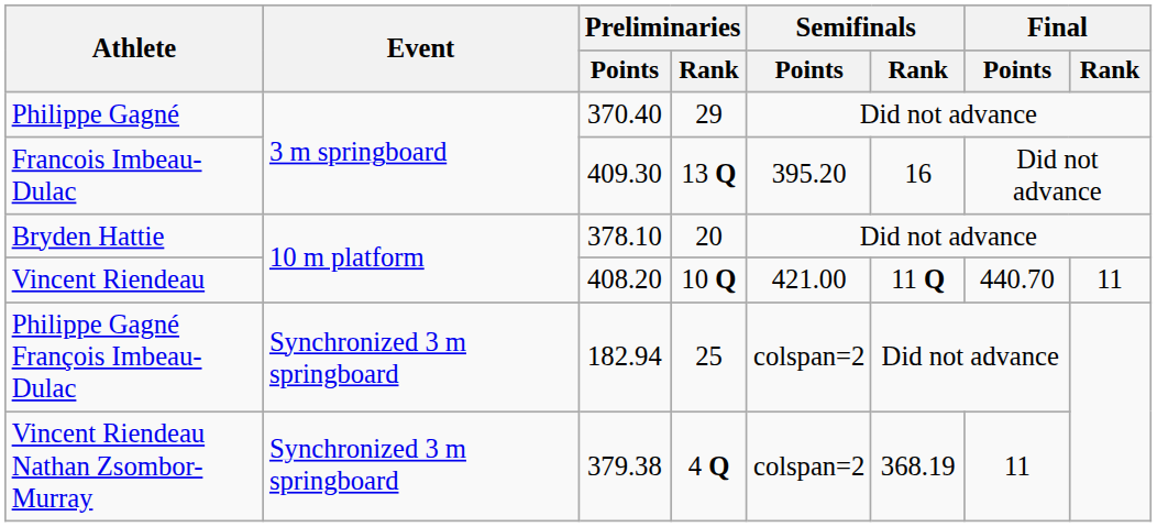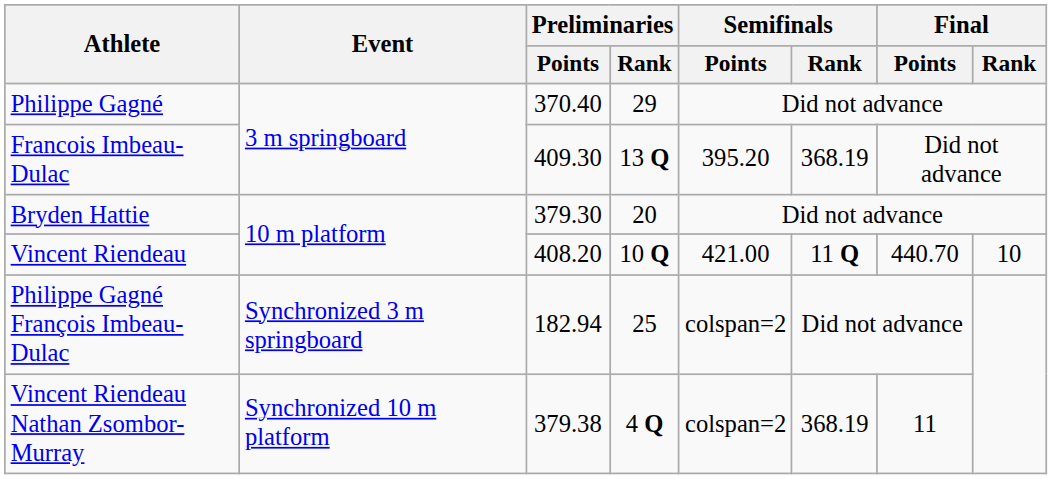 <table class=wikitable style="font-size:90%;">
 <tr>
 <th rowspan="2">Athlete</th>
 <th rowspan="2">Event</th>
 <th colspan="2">Preliminaries</th>
 <th colspan="2">Semifinals</th>
 <th colspan="2">Final</th>
 </tr>
 <tr style="font-size:95%">
 <th>Points</th>
 <th>Rank</th>
 <th>Points</th>
 <th>Rank</th>
 <th>Points</th>
 <th>Rank</th>
 </tr>
 <tr align=center>
 <td align=left><a href='#'>Philippe Gagné</a></td>
 <td align=left rowspan=2><a href='#'>3 m springboard</a></td>
 <td>370.40</td>
 <td>29</td>
 <td colspan=4>Did not advance</td>
 </tr>
 <tr align=center>
 <td align=left><a href='#'>Francois Imbeau-Dulac</a></td>
 <td>409.30</td>
 <td>13 <strong>Q</strong></td>
 <td>395.20</td>
-<td>16</td>
+<td>368.19</td>
 <td colspan=2>Did not advance</td>
 </tr>
 <tr align=center>
 <td align=left><a href='#'>Bryden Hattie</a></td>
 <td align=left rowspan=2><a href='#'>10 m platform</a></td>
-<td>378.10</td>
+<td>379.30</td>
 <td>20</td>
 <td colspan=4>Did not advance</td>
 </tr>
 <tr align=center>
 <td align=left><a href='#'>Vincent Riendeau</a></td>
 <td>408.20</td>
 <td>10 <strong>Q</strong></td>
 <td>421.00</td>
 <td>11 <strong>Q</strong></td>
 <td>440.70</td>
-<td>11</td>
+<td>10</td>
 </tr>
 <tr align=center>
 <td align=left><a href='#'>Philippe Gagné</a><br><a href='#'>François Imbeau-Dulac</a></td>
 <td align=left><a href='#'>Synchronized 3 m springboard</a></td>
 <td>182.94</td>
 <td>25</td>
 <td>colspan=2 </td>
 <td colspan=2>Did not advance</td>
 </tr>
 <tr align=center>
 <td align=left><a href='#'>Vincent Riendeau</a><br><a href='#'>Nathan Zsombor-Murray</a></td>
-<td align=left><a href='#'>Synchronized 3 m springboard</a></td>
+<td align=left><a href='#'>Synchronized 10 m platform</a></td>
 <td>379.38</td>
 <td>4 <strong>Q</strong></td>
 <td>colspan=2 </td>
 <td>368.19</td>
 <td>11</td>
 </tr>
 </table>
